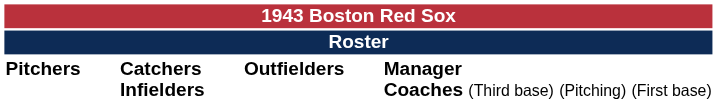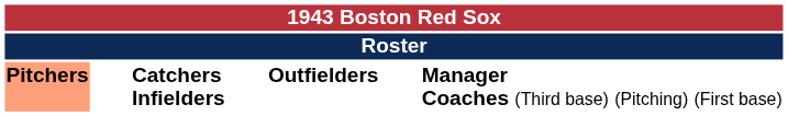 <table class="toccolours" style="text-align: left;">
 <tr>
 <th colspan="10" style="background-color: #ba313c; color: white; text-align: center;">1943 Boston Red Sox</th>
 </tr>
 <tr>
 <td colspan="10" style="background-color: #0d2b56; color: white; text-align: center;"><strong>Roster</strong></td>
 </tr>
 <tr>
-<td valign="top"><strong>Pitchers</strong><br>            </td>
+<td valign="top" style="background: lightsalmon;"><strong>Pitchers</strong><br>            </td>
 <td width="25px"></td>
 <td valign="top"><strong>Catchers</strong><br>    <strong>Infielders</strong>      </td>
 <td width="25px"></td>
 <td valign="top"><strong>Outfielders</strong><br>        </td>
 <td width="25px"></td>
 <td valign="top"><strong>Manager</strong><br> <strong>Coaches</strong>  <small>(Third base)</small>  <small>(Pitching)</small>  <small>(First base)</small></td>
 </tr>
 <tr>
 </tr>
 </table>
